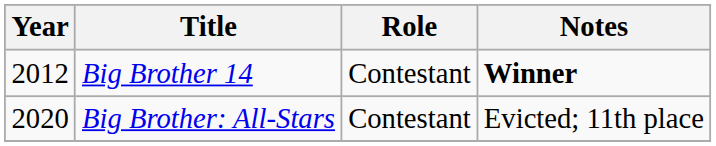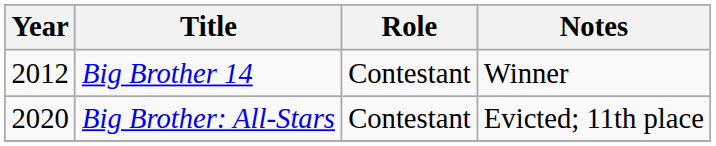 <table class="wikitable sortable">
 <tr>
 <th>Year</th>
 <th>Title</th>
 <th>Role</th>
 <th class="unsortable">Notes</th>
 </tr>
 <tr>
 <td>2012</td>
 <td><em><a href='#'>Big Brother 14</a></em></td>
 <td>Contestant</td>
-<td><strong>Winner</strong></td>
+<td>Winner</td>
 </tr>
 <tr>
 <td>2020</td>
 <td><em><a href='#'>Big Brother: All-Stars</a></em></td>
 <td>Contestant</td>
 <td>Evicted; 11th place</td>
 </tr>
 <tr>
 </tr>
 </table>
